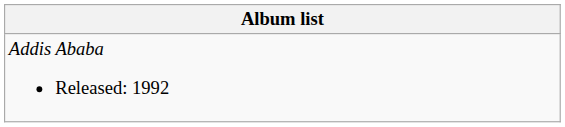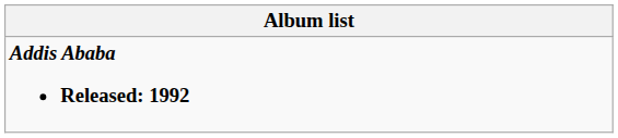 <table class="wikitable" style=width:30em>
 <tr>
 <th>Album list</th>
 </tr>
 <tr>
-<td><em>Addis Ababa</em><br><ul><li>Released: 1992</li></ul></td>
+<td><strong><em>Addis Ababa</em><br><ul><li>Released: 1992</li></ul></strong></td>
 </tr>
 </table>
